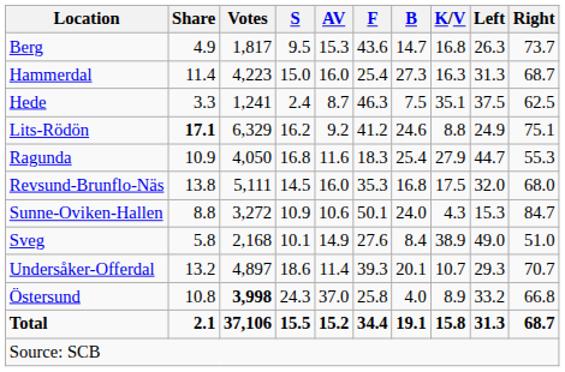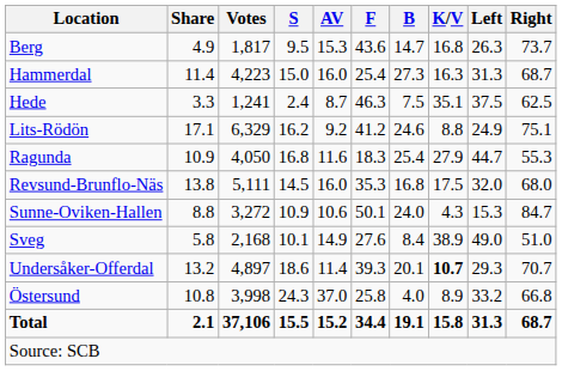 <table class="wikitable sortable" style=text-align:right>
 <tr>
 <th>Location</th>
 <th>Share</th>
 <th>Votes</th>
 <th><a href='#'>S</a></th>
 <th><a href='#'>AV</a></th>
 <th><a href='#'>F</a></th>
 <th><a href='#'>B</a></th>
 <th><a href='#'>K</a>/<a href='#'>V</a></th>
 <th>Left</th>
 <th>Right</th>
 </tr>
 <tr>
 <td align=left><a href='#'>Berg</a></td>
 <td>4.9</td>
 <td>1,817</td>
 <td>9.5</td>
 <td>15.3</td>
 <td>43.6</td>
 <td>14.7</td>
 <td>16.8</td>
 <td>26.3</td>
 <td>73.7</td>
 </tr>
 <tr>
 <td align=left><a href='#'>Hammerdal</a></td>
 <td>11.4</td>
 <td>4,223</td>
 <td>15.0</td>
 <td>16.0</td>
 <td>25.4</td>
 <td>27.3</td>
 <td>16.3</td>
 <td>31.3</td>
 <td>68.7</td>
 </tr>
 <tr>
 <td align=left><a href='#'>Hede</a></td>
 <td>3.3</td>
 <td>1,241</td>
 <td>2.4</td>
 <td>8.7</td>
 <td>46.3</td>
 <td>7.5</td>
 <td>35.1</td>
 <td>37.5</td>
 <td>62.5</td>
 </tr>
 <tr>
 <td align=left><a href='#'>Lits-Rödön</a></td>
-<td><strong>17.1</strong></td>
+<td>17.1</td>
 <td>6,329</td>
 <td>16.2</td>
 <td>9.2</td>
 <td>41.2</td>
 <td>24.6</td>
 <td>8.8</td>
 <td>24.9</td>
 <td>75.1</td>
 </tr>
 <tr>
 <td align=left><a href='#'>Ragunda</a></td>
 <td>10.9</td>
 <td>4,050</td>
 <td>16.8</td>
 <td>11.6</td>
 <td>18.3</td>
 <td>25.4</td>
 <td>27.9</td>
 <td>44.7</td>
 <td>55.3</td>
 </tr>
 <tr>
 <td align=left><a href='#'>Revsund-Brunflo-Näs</a></td>
 <td>13.8</td>
 <td>5,111</td>
 <td>14.5</td>
 <td>16.0</td>
 <td>35.3</td>
 <td>16.8</td>
 <td>17.5</td>
 <td>32.0</td>
 <td>68.0</td>
 </tr>
 <tr>
 <td align=left><a href='#'>Sunne-Oviken-Hallen</a></td>
 <td>8.8</td>
 <td>3,272</td>
 <td>10.9</td>
 <td>10.6</td>
 <td>50.1</td>
 <td>24.0</td>
 <td>4.3</td>
 <td>15.3</td>
 <td>84.7</td>
 </tr>
 <tr>
 <td align=left><a href='#'>Sveg</a></td>
 <td>5.8</td>
 <td>2,168</td>
 <td>10.1</td>
 <td>14.9</td>
 <td>27.6</td>
 <td>8.4</td>
 <td>38.9</td>
 <td>49.0</td>
 <td>51.0</td>
 </tr>
 <tr>
 <td align=left><a href='#'>Undersåker-Offerdal</a></td>
 <td>13.2</td>
 <td>4,897</td>
 <td>18.6</td>
 <td>11.4</td>
 <td>39.3</td>
 <td>20.1</td>
-<td>10.7</td>
+<td><strong>10.7</strong></td>
 <td>29.3</td>
 <td>70.7</td>
 </tr>
 <tr>
 <td align=left><a href='#'>Östersund</a></td>
 <td>10.8</td>
-<td><strong>3,998</strong></td>
+<td>3,998</td>
 <td>24.3</td>
 <td>37.0</td>
 <td>25.8</td>
 <td>4.0</td>
 <td>8.9</td>
 <td>33.2</td>
 <td>66.8</td>
 </tr>
 <tr>
 <td align=left><strong>Total</strong></td>
 <td><strong>2.1</strong></td>
 <td><strong>37,106</strong></td>
 <td><strong>15.5</strong></td>
 <td><strong>15.2</strong></td>
 <td><strong>34.4</strong></td>
 <td><strong>19.1</strong></td>
 <td><strong>15.8</strong></td>
 <td><strong>31.3</strong></td>
 <td><strong>68.7</strong></td>
 </tr>
 <tr>
 <td align=left colspan=10>Source: SCB </td>
 </tr>
 </table>
